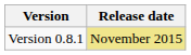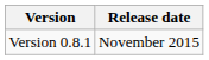 <table class="wikitable">
 <tr>
 <th>Version</th>
 <th>Release date</th>
 </tr>
 <tr>
 <td>Version 0.8.1</td>
-<td style="background: khaki;">November 2015</td>
+<td>November 2015</td>
 </tr>
 </table>
